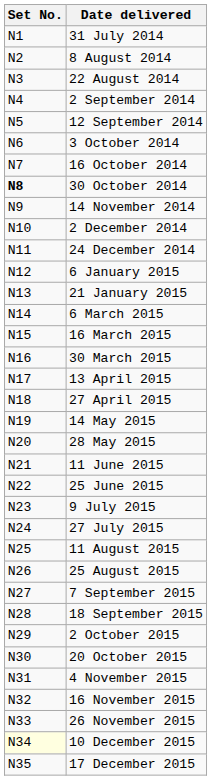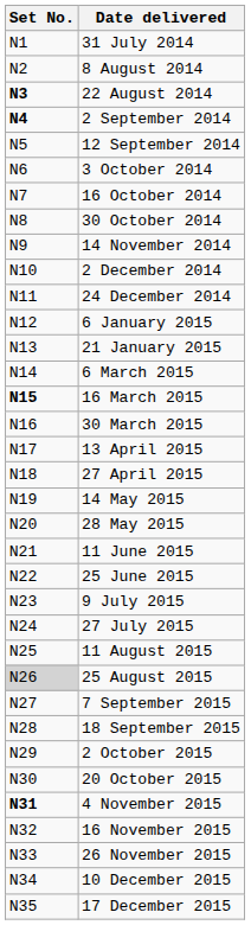 <table class="wikitable">
 <tr>
 <th>Set No.</th>
 <th>Date delivered</th>
 </tr>
 <tr>
 <td>N1</td>
 <td>31 July 2014</td>
 </tr>
 <tr>
 <td>N2</td>
 <td>8 August 2014</td>
 </tr>
 <tr>
-<td>N3</td>
+<td><strong>N3</strong></td>
 <td>22 August 2014</td>
 </tr>
 <tr>
-<td>N4</td>
+<td><strong>N4</strong></td>
 <td>2 September 2014</td>
 </tr>
 <tr>
 <td>N5</td>
 <td>12 September 2014</td>
 </tr>
 <tr>
 <td>N6</td>
 <td>3 October 2014</td>
 </tr>
 <tr>
 <td>N7</td>
 <td>16 October 2014</td>
 </tr>
 <tr>
-<td><strong>N8</strong></td>
+<td>N8</td>
 <td>30 October 2014</td>
 </tr>
 <tr>
 <td>N9</td>
 <td>14 November 2014</td>
 </tr>
 <tr>
 <td>N10</td>
 <td>2 December 2014</td>
 </tr>
 <tr>
 <td>N11</td>
 <td>24 December 2014</td>
 </tr>
 <tr>
 <td>N12</td>
 <td>6 January 2015</td>
 </tr>
 <tr>
 <td>N13</td>
 <td>21 January 2015</td>
 </tr>
 <tr>
 <td>N14</td>
 <td>6 March 2015</td>
 </tr>
 <tr>
-<td>N15</td>
+<td><strong>N15</strong></td>
 <td>16 March 2015</td>
 </tr>
 <tr>
 <td>N16</td>
 <td>30 March 2015</td>
 </tr>
 <tr>
 <td>N17</td>
 <td>13 April 2015</td>
 </tr>
 <tr>
 <td>N18</td>
 <td>27 April 2015</td>
 </tr>
 <tr>
 <td>N19</td>
 <td>14 May 2015</td>
 </tr>
 <tr>
 <td>N20</td>
 <td>28 May 2015</td>
 </tr>
 <tr>
 <td>N21</td>
 <td>11 June 2015</td>
 </tr>
 <tr>
 <td>N22</td>
 <td>25 June 2015</td>
 </tr>
 <tr>
 <td>N23</td>
 <td>9 July 2015</td>
 </tr>
 <tr>
 <td>N24</td>
 <td>27 July 2015</td>
 </tr>
 <tr>
 <td>N25</td>
 <td>11 August 2015</td>
 </tr>
 <tr>
-<td>N26</td>
+<td style="background: lightgrey;">N26</td>
 <td>25 August 2015</td>
 </tr>
 <tr>
 <td>N27</td>
 <td>7 September 2015</td>
 </tr>
 <tr>
 <td>N28</td>
 <td>18 September 2015</td>
 </tr>
 <tr>
 <td>N29</td>
 <td>2 October 2015</td>
 </tr>
 <tr>
 <td>N30</td>
 <td>20 October 2015</td>
 </tr>
 <tr>
-<td>N31</td>
+<td><strong>N31</strong></td>
 <td>4 November 2015</td>
 </tr>
 <tr>
 <td>N32</td>
 <td>16 November 2015</td>
 </tr>
 <tr>
 <td>N33</td>
 <td>26 November 2015</td>
 </tr>
 <tr>
-<td style="background: lightyellow;">N34</td>
+<td>N34</td>
 <td>10 December 2015</td>
 </tr>
 <tr>
 <td>N35</td>
 <td>17 December 2015</td>
 </tr>
 </table>
